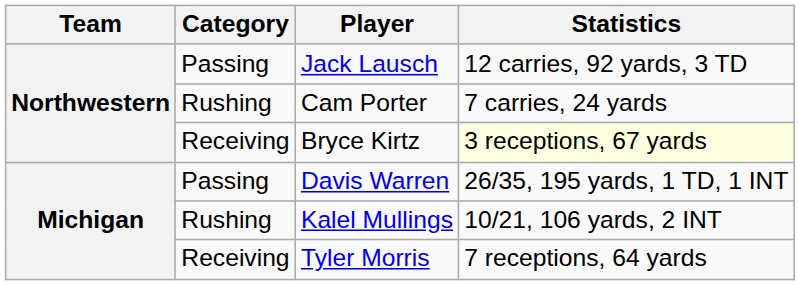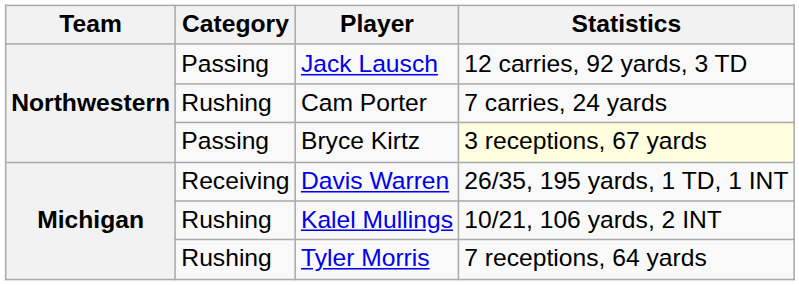 <table class="wikitable" style="float:right">
 <tr>
 <th>Team</th>
 <th>Category</th>
 <th>Player</th>
 <th>Statistics</th>
 </tr>
 <tr>
 <th rowspan=3>Northwestern</th>
 <td>Passing</td>
 <td><a href='#'>Jack Lausch</a></td>
 <td>12 carries, 92 yards, 3 TD</td>
 </tr>
 <tr>
 <td>Rushing</td>
 <td>Cam Porter</td>
 <td>7 carries, 24 yards</td>
 </tr>
 <tr>
-<td>Receiving</td>
+<td>Passing</td>
 <td>Bryce Kirtz</td>
 <td style="background: lightyellow;">3 receptions, 67 yards</td>
 </tr>
 <tr>
 <th rowspan=3>Michigan</th>
-<td>Passing</td>
+<td>Receiving</td>
 <td><a href='#'>Davis Warren</a></td>
 <td>26/35, 195 yards, 1 TD, 1 INT</td>
 </tr>
 <tr>
 <td>Rushing</td>
 <td><a href='#'>Kalel Mullings</a></td>
 <td>10/21, 106 yards, 2 INT</td>
 </tr>
 <tr>
-<td>Receiving</td>
+<td>Rushing</td>
 <td><a href='#'>Tyler Morris</a></td>
 <td>7 receptions, 64 yards</td>
 </tr>
 </table>
